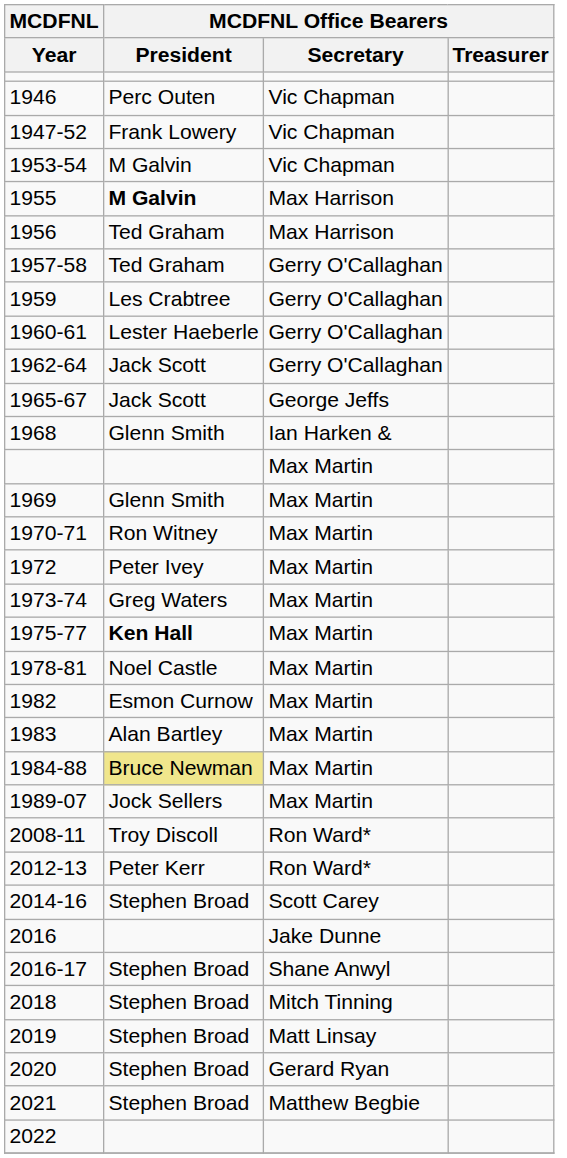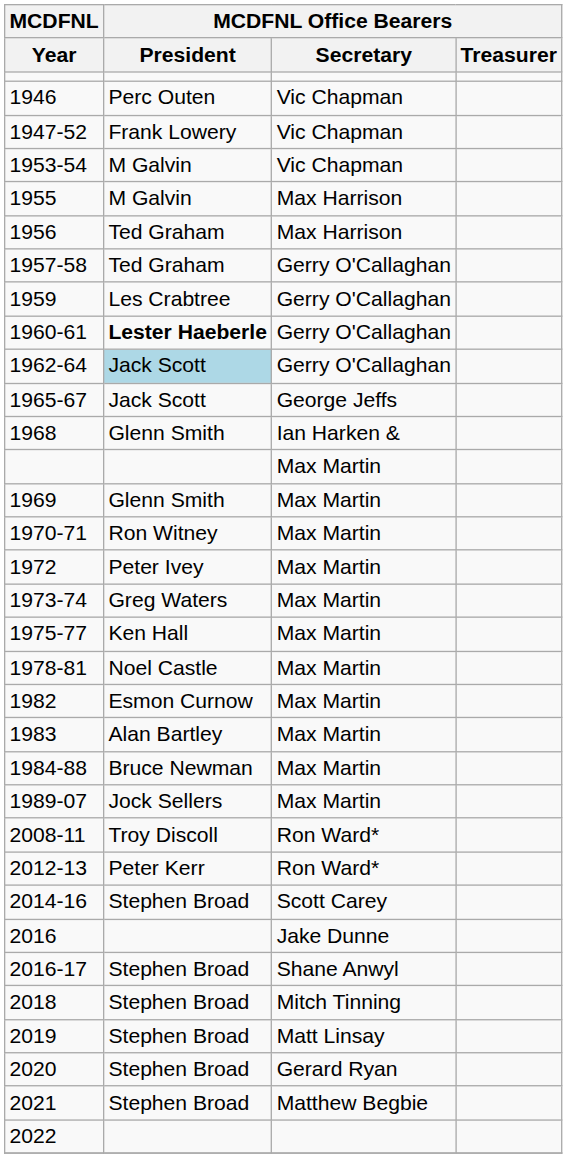 <table class="wikitable collapsible collapsed">
 <tr>
 <th>MCDFNL</th>
 <th colspan=9>MCDFNL Office Bearers</th>
 </tr>
 <tr>
 <th>Year</th>
 <th>President</th>
 <th>Secretary</th>
 <th>Treasurer</th>
 </tr>
 <tr>
 <td></td>
 <td></td>
 <td></td>
 <td></td>
 </tr>
 <tr>
 <td>1946</td>
 <td>Perc Outen</td>
 <td>Vic Chapman</td>
 <td></td>
 </tr>
 <tr>
 <td>1947-52</td>
 <td>Frank Lowery</td>
 <td>Vic Chapman</td>
 <td></td>
 </tr>
 <tr>
 <td>1953-54</td>
 <td>M Galvin</td>
 <td>Vic Chapman</td>
 <td></td>
 </tr>
 <tr>
 <td>1955</td>
-<td><strong>M Galvin</strong></td>
+<td>M Galvin</td>
 <td>Max Harrison</td>
 <td></td>
 </tr>
 <tr>
 <td>1956</td>
 <td>Ted Graham</td>
 <td>Max Harrison</td>
 <td></td>
 </tr>
 <tr>
 <td>1957-58</td>
 <td>Ted Graham</td>
 <td>Gerry O'Callaghan</td>
 <td></td>
 </tr>
 <tr>
 <td>1959</td>
 <td>Les Crabtree</td>
 <td>Gerry O'Callaghan</td>
 <td></td>
 </tr>
 <tr>
 <td>1960-61</td>
-<td>Lester Haeberle</td>
+<td><strong>Lester Haeberle</strong></td>
 <td>Gerry O'Callaghan</td>
 <td></td>
 </tr>
 <tr>
 <td>1962-64</td>
-<td>Jack Scott</td>
+<td style="background: lightblue;">Jack Scott</td>
 <td>Gerry O'Callaghan</td>
 <td></td>
 </tr>
 <tr>
 <td>1965-67</td>
 <td>Jack Scott</td>
 <td>George Jeffs</td>
 <td></td>
 </tr>
 <tr>
 <td>1968</td>
 <td>Glenn Smith</td>
 <td>Ian Harken &</td>
 <td></td>
 </tr>
 <tr>
 <td></td>
 <td></td>
 <td>Max Martin</td>
 <td></td>
 </tr>
 <tr>
 <td>1969</td>
 <td>Glenn Smith</td>
 <td>Max Martin</td>
 <td></td>
 </tr>
 <tr>
 <td>1970-71</td>
 <td>Ron Witney</td>
 <td>Max Martin</td>
 <td></td>
 </tr>
 <tr>
 <td>1972</td>
 <td>Peter Ivey</td>
 <td>Max Martin</td>
 <td></td>
 </tr>
 <tr>
 <td>1973-74</td>
 <td>Greg Waters</td>
 <td>Max Martin</td>
 <td></td>
 </tr>
 <tr>
 <td>1975-77</td>
-<td><strong>Ken Hall</strong></td>
+<td>Ken Hall</td>
 <td>Max Martin</td>
 <td></td>
 </tr>
 <tr>
 <td>1978-81</td>
 <td>Noel Castle</td>
 <td>Max Martin</td>
 <td></td>
 </tr>
 <tr>
 <td>1982</td>
 <td>Esmon Curnow</td>
 <td>Max Martin</td>
 <td></td>
 </tr>
 <tr>
 <td>1983</td>
 <td>Alan Bartley</td>
 <td>Max Martin</td>
 <td></td>
 </tr>
 <tr>
 <td>1984-88</td>
-<td style="background: khaki;">Bruce Newman</td>
+<td>Bruce Newman</td>
 <td>Max Martin</td>
 <td></td>
 </tr>
 <tr>
 <td>1989-07</td>
 <td>Jock Sellers</td>
 <td>Max Martin</td>
 <td></td>
 </tr>
 <tr>
 <td>2008-11</td>
 <td>Troy Discoll</td>
 <td>Ron Ward*</td>
 <td></td>
 </tr>
 <tr>
 <td>2012-13</td>
 <td>Peter Kerr</td>
 <td>Ron Ward*</td>
 <td></td>
 </tr>
 <tr>
 <td>2014-16</td>
 <td>Stephen Broad</td>
 <td>Scott Carey</td>
 <td></td>
 </tr>
 <tr>
 <td>2016</td>
 <td></td>
 <td>Jake Dunne</td>
 <td></td>
 </tr>
 <tr>
 <td>2016-17</td>
 <td>Stephen Broad</td>
 <td>Shane Anwyl</td>
 <td></td>
 </tr>
 <tr>
 <td>2018</td>
 <td>Stephen Broad</td>
 <td>Mitch Tinning</td>
 <td></td>
 </tr>
 <tr>
 <td>2019</td>
 <td>Stephen Broad</td>
 <td>Matt Linsay</td>
 <td></td>
 </tr>
 <tr>
 <td>2020</td>
 <td>Stephen Broad</td>
 <td>Gerard Ryan</td>
 <td></td>
 </tr>
 <tr>
 <td>2021</td>
 <td>Stephen Broad</td>
 <td>Matthew Begbie</td>
 <td></td>
 </tr>
 <tr>
 <td>2022</td>
 <td></td>
 <td></td>
 <td></td>
 </tr>
 <tr>
 </tr>
 </table>
